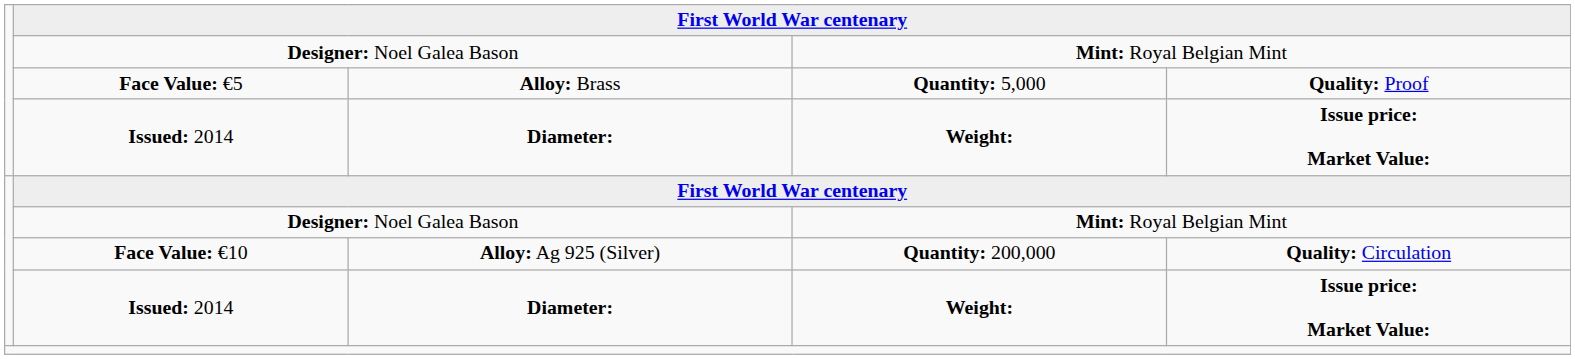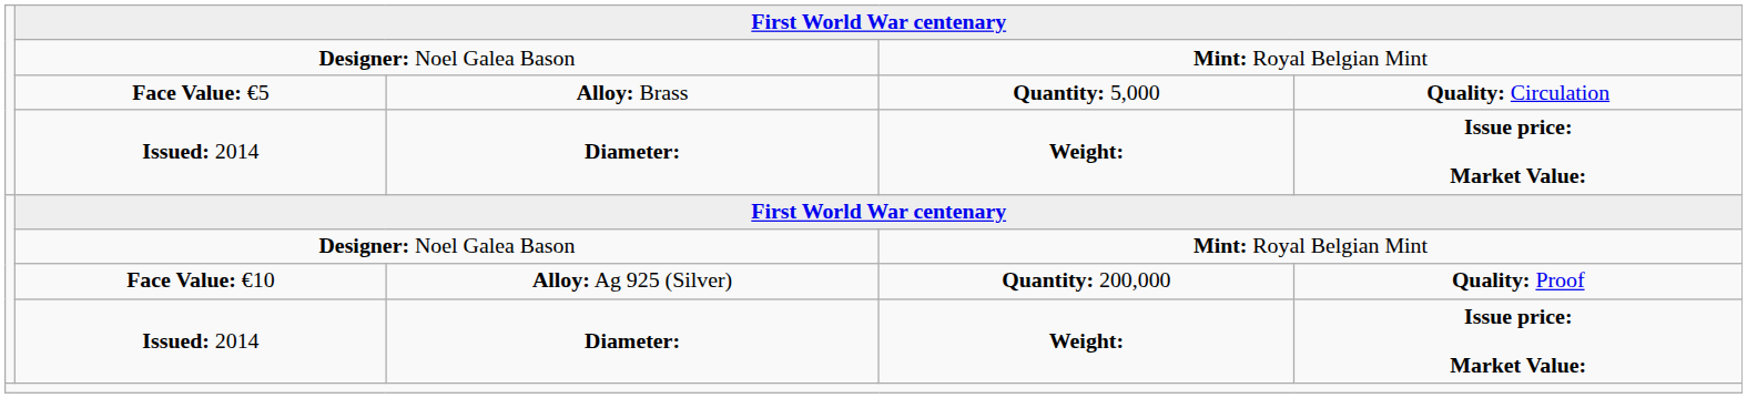 <table class="wikitable" width=100%>
 <tr>
 <td rowspan=4 width="330px" nowrap align=center></td>
 <th colspan="4" align=center style="background:#eeeeee;"><a href='#'>First World War centenary</a></th>
 </tr>
 <tr>
 <td colspan="2" width="50%" align=center><strong>Designer:</strong> Noel Galea Bason</td>
 <td colspan="2" width="50%" align=center><strong>Mint:</strong> Royal Belgian Mint</td>
 </tr>
 <tr>
 <td align=center><strong>Face Value:</strong> €5</td>
 <td align=center><strong>Alloy:</strong> Brass</td>
 <td align=center><strong>Quantity:</strong> 5,000</td>
-<td align=center><strong>Quality:</strong> <a href='#'>Proof</a></td>
+<td align=center><strong>Quality:</strong> <a href='#'>Circulation</a></td>
 </tr>
 <tr>
 <td align=center><strong>Issued:</strong> 2014</td>
 <td align=center><strong>Diameter:</strong> </td>
 <td align=center><strong>Weight:</strong> </td>
 <td align=center><strong>Issue price:</strong><br><br> <strong>Market Value:</strong></td>
 </tr>
 <tr>
 <td rowspan=4 width="330px" nowrap align=center></td>
 <th colspan="4" align=center style="background:#eeeeee;"><a href='#'>First World War centenary</a></th>
 </tr>
 <tr>
 <td colspan="2" width="50%" align=center><strong>Designer:</strong> Noel Galea Bason</td>
 <td colspan="2" width="50%" align=center><strong>Mint:</strong> Royal Belgian Mint</td>
 </tr>
 <tr>
 <td align=center><strong>Face Value:</strong> €10</td>
 <td align=center><strong>Alloy:</strong> Ag 925 (Silver)</td>
 <td align=center><strong>Quantity:</strong> 200,000</td>
-<td align=center><strong>Quality:</strong> <a href='#'>Circulation</a></td>
+<td align=center><strong>Quality:</strong> <a href='#'>Proof</a></td>
 </tr>
 <tr>
 <td align=center><strong>Issued:</strong> 2014</td>
 <td align=center><strong>Diameter:</strong> </td>
 <td align=center><strong>Weight:</strong> </td>
 <td align=center><strong>Issue price:</strong><br><br> <strong>Market Value:</strong></td>
 </tr>
 <tr>
 <td colspan="5" align=left></td>
 </tr>
 </table>
